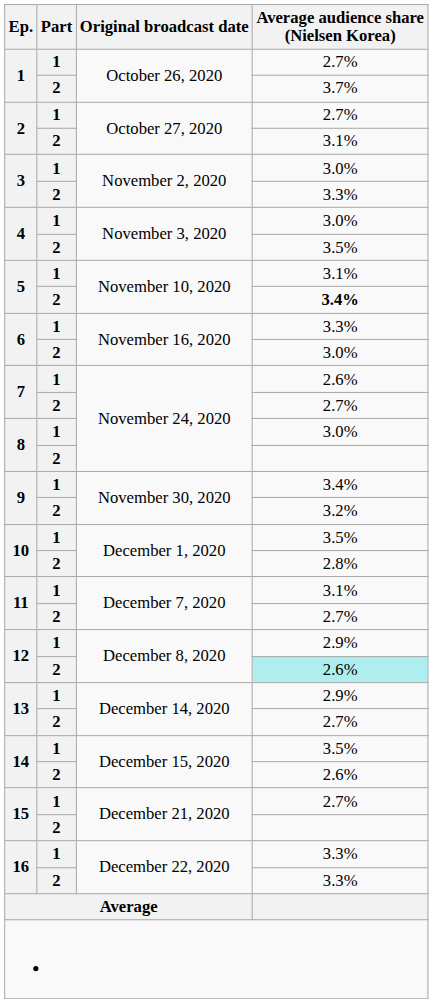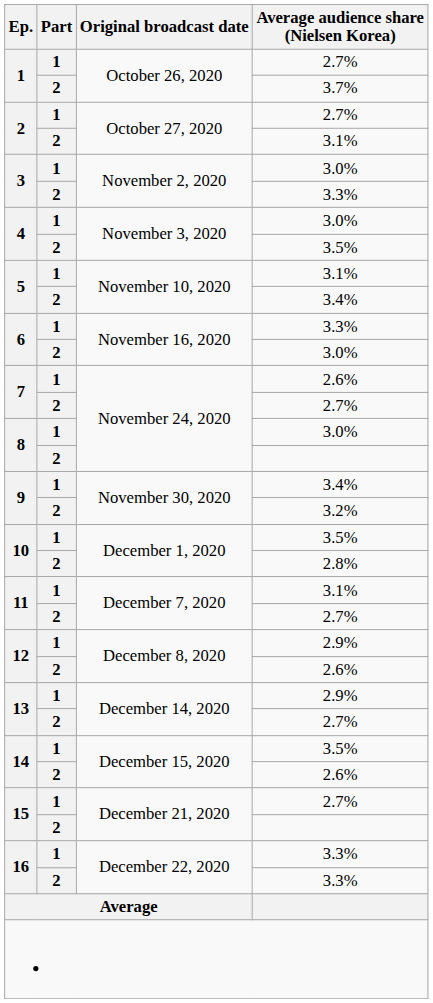 <table class="wikitable" style="text-align:center;max-width:450px; margin-left: auto; margin-right: auto; border: none;">
 <tr>
 </tr>
 <tr>
 <th>Ep.</th>
 <th>Part</th>
 <th>Original broadcast date</th>
 <th>Average audience share<br>(Nielsen Korea)</th>
 </tr>
 <tr>
 <th rowspan="2">1</th>
 <th>1</th>
 <td rowspan="2">October 26, 2020</td>
 <td>2.7%</td>
 </tr>
 <tr>
 <th>2</th>
 <td>3.7%</td>
 </tr>
 <tr>
 <th rowspan="2">2</th>
 <th>1</th>
 <td rowspan="2">October 27, 2020</td>
 <td>2.7%</td>
 </tr>
 <tr>
 <th>2</th>
 <td>3.1%</td>
 </tr>
 <tr>
 <th rowspan="2">3</th>
 <th>1</th>
 <td rowspan="2">November 2, 2020</td>
 <td>3.0%</td>
 </tr>
 <tr>
 <th>2</th>
 <td>3.3%</td>
 </tr>
 <tr>
 <th rowspan="2">4</th>
 <th>1</th>
 <td rowspan="2">November 3, 2020</td>
 <td>3.0%</td>
 </tr>
 <tr>
 <th>2</th>
 <td>3.5%</td>
 </tr>
 <tr>
 <th rowspan="2">5</th>
 <th>1</th>
 <td rowspan="2">November 10, 2020</td>
 <td>3.1%</td>
 </tr>
 <tr>
 <th>2</th>
-<td><strong>3.4%</strong></td>
+<td>3.4%</td>
 </tr>
 <tr>
 <th rowspan="2">6</th>
 <th>1</th>
 <td rowspan="2">November 16, 2020</td>
 <td>3.3%</td>
 </tr>
 <tr>
 <th>2</th>
 <td>3.0%</td>
 </tr>
 <tr>
 <th rowspan="2">7</th>
 <th>1</th>
 <td rowspan="4">November 24, 2020</td>
 <td>2.6%</td>
 </tr>
 <tr>
 <th>2</th>
 <td>2.7%</td>
 </tr>
 <tr>
 <th rowspan="2">8</th>
 <th>1</th>
 <td>3.0%</td>
 </tr>
 <tr>
 <th>2</th>
 <td></td>
 </tr>
 <tr>
 <th rowspan="2">9</th>
 <th>1</th>
 <td rowspan="2">November 30, 2020</td>
 <td>3.4%</td>
 </tr>
 <tr>
 <th>2</th>
 <td>3.2%</td>
 </tr>
 <tr>
 <th rowspan="2">10</th>
 <th>1</th>
 <td rowspan="2">December 1, 2020</td>
 <td>3.5%</td>
 </tr>
 <tr>
 <th>2</th>
 <td>2.8%</td>
 </tr>
 <tr>
 <th rowspan="2">11</th>
 <th>1</th>
 <td rowspan="2">December 7, 2020</td>
 <td>3.1%</td>
 </tr>
 <tr>
 <th>2</th>
 <td>2.7%</td>
 </tr>
 <tr>
 <th rowspan="2">12</th>
 <th>1</th>
 <td rowspan="2">December 8, 2020</td>
 <td>2.9%</td>
 </tr>
 <tr>
 <th>2</th>
-<td style="background: paleturquoise;">2.6%</td>
+<td>2.6%</td>
 </tr>
 <tr>
 <th rowspan="2">13</th>
 <th>1</th>
 <td rowspan="2">December 14, 2020</td>
 <td>2.9%</td>
 </tr>
 <tr>
 <th>2</th>
 <td>2.7%</td>
 </tr>
 <tr>
 <th rowspan="2">14</th>
 <th>1</th>
 <td rowspan="2">December 15, 2020</td>
 <td>3.5%</td>
 </tr>
 <tr>
 <th>2</th>
 <td>2.6%</td>
 </tr>
 <tr>
 <th rowspan="2">15</th>
 <th>1</th>
 <td rowspan="2">December 21, 2020</td>
 <td>2.7%</td>
 </tr>
 <tr>
 <th>2</th>
 <td></td>
 </tr>
 <tr>
 <th rowspan="2">16</th>
 <th>1</th>
 <td rowspan="2">December 22, 2020</td>
 <td>3.3%</td>
 </tr>
 <tr>
 <th>2</th>
 <td>3.3%</td>
 </tr>
 <tr>
 <th colspan="3">Average</th>
 <th></th>
 </tr>
 <tr>
 <td colspan="5"><br><ul><li></li></ul></td>
 </tr>
 </table>
